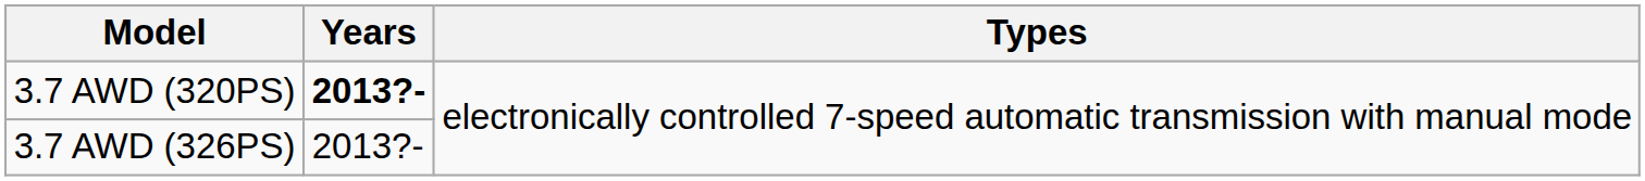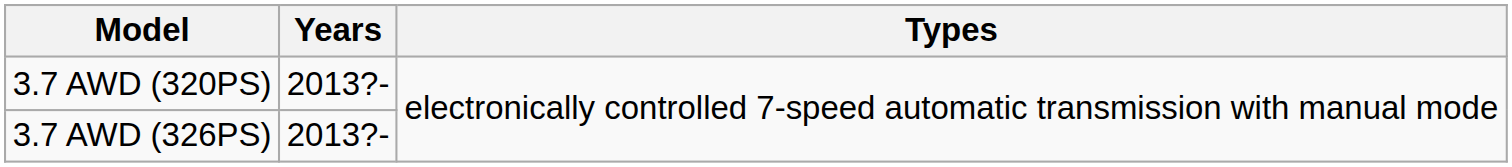 <table class="wikitable sortable collapsible">
 <tr>
 <th>Model</th>
 <th>Years</th>
 <th>Types</th>
 </tr>
 <tr>
 <td>3.7 AWD (320PS)</td>
-<td><strong>2013?-</strong></td>
+<td>2013?-</td>
 <td rowspan="2">electronically controlled 7-speed automatic transmission with manual mode</td>
 </tr>
 <tr>
 <td>3.7 AWD (326PS)</td>
 <td>2013?-</td>
 </tr>
 </table>
